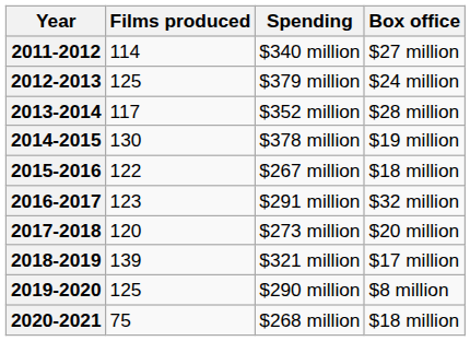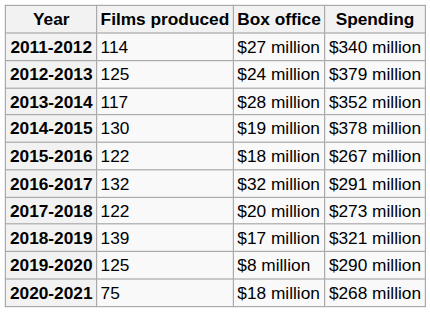 <table class="wikitable sortable floatright" style="margin-left:1em; font-size: 90%; display: inline-table">
 <tr>
 <th scope="col">Year</th>
 <th scope="col">Films produced</th>
+<th scope="col">Box office</th>
 <th scope="col">Spending</th>
-<th scope="col">Box office</th>
 </tr>
 <tr>
 <th scope="row">2011-2012</th>
 <td>114</td>
+<td>$27 million</td>
 <td>$340 million</td>
-<td>$27 million</td>
 </tr>
 <tr>
 <th scope="row">2012-2013</th>
 <td>125</td>
+<td>$24 million</td>
 <td>$379 million</td>
-<td>$24 million</td>
 </tr>
 <tr>
 <th scope="row">2013-2014</th>
 <td>117</td>
+<td>$28 million</td>
 <td>$352 million</td>
-<td>$28 million</td>
 </tr>
 <tr>
 <th scope="row">2014-2015</th>
 <td>130</td>
+<td>$19 million</td>
 <td>$378 million</td>
-<td>$19 million</td>
 </tr>
 <tr>
 <th scope="row">2015-2016</th>
 <td>122</td>
+<td>$18 million</td>
 <td>$267 million</td>
-<td>$18 million</td>
 </tr>
 <tr>
 <th scope="row">2016-2017</th>
-<td>123</td>
+<td>132</td>
+<td>$32 million</td>
 <td>$291 million</td>
-<td>$32 million</td>
 </tr>
 <tr>
 <th scope="row">2017-2018</th>
-<td>120</td>
+<td>122</td>
+<td>$20 million</td>
 <td>$273 million</td>
-<td>$20 million</td>
 </tr>
 <tr>
 <th scope="row">2018-2019</th>
 <td>139</td>
+<td>$17 million</td>
 <td>$321 million</td>
-<td>$17 million</td>
 </tr>
 <tr>
 <th scope="row">2019-2020</th>
 <td>125</td>
+<td>$8 million</td>
 <td>$290 million</td>
-<td>$8 million</td>
 </tr>
 <tr>
 <th scope="row">2020-2021</th>
 <td>75</td>
+<td>$18 million</td>
 <td>$268 million</td>
-<td>$18 million</td>
 </tr>
 </table>
